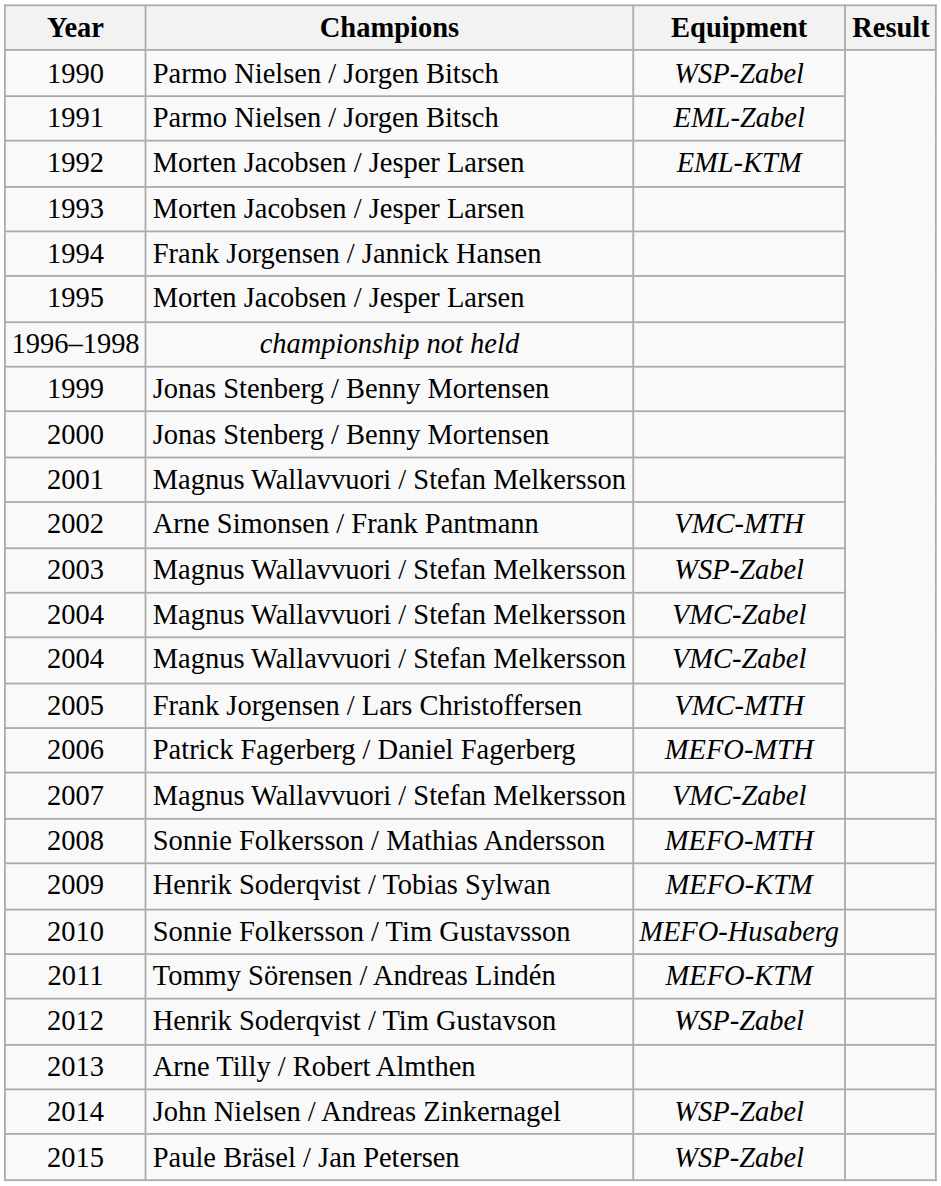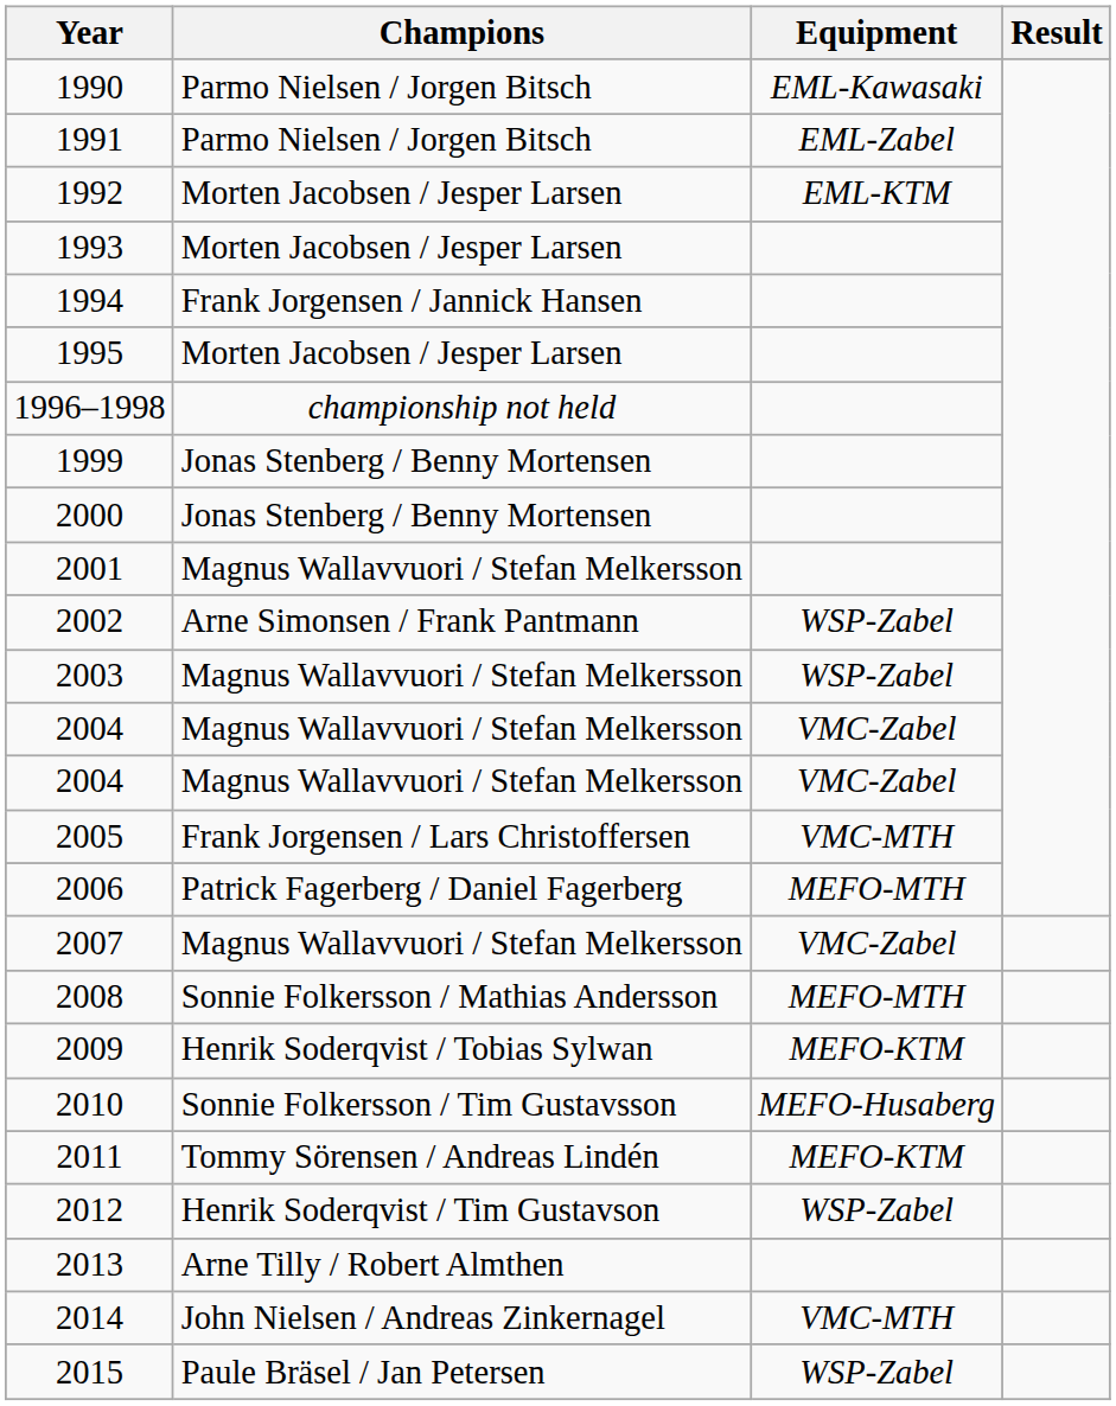 <table class="wikitable" style="display:inline-table;">
 <tr>
 <th>Year</th>
 <th>Champions</th>
 <th>Equipment</th>
 <th>Result</th>
 </tr>
 <tr align="center">
 <td>1990</td>
 <td align="left">Parmo Nielsen / Jorgen Bitsch</td>
-<td><em>WSP-Zabel</em></td>
+<td><em>EML-Kawasaki</em></td>
 <td rowspan=16></td>
 </tr>
 <tr align="center">
 <td>1991</td>
 <td align="left">Parmo Nielsen / Jorgen Bitsch</td>
 <td><em>EML-Zabel</em></td>
 </tr>
 <tr align="center">
 <td>1992</td>
 <td align="left">Morten Jacobsen / Jesper Larsen</td>
 <td><em>EML-KTM</em></td>
 </tr>
 <tr align="center">
 <td>1993</td>
 <td align="left">Morten Jacobsen / Jesper Larsen</td>
 <td></td>
 </tr>
 <tr align="center">
 <td>1994</td>
 <td align="left">Frank Jorgensen / Jannick Hansen</td>
 <td></td>
 </tr>
 <tr align="center">
 <td>1995</td>
 <td align="left">Morten Jacobsen / Jesper Larsen</td>
 <td></td>
 </tr>
 <tr align="center">
 <td>1996–1998</td>
 <td align="center"><em>championship not held</em></td>
 <td></td>
 </tr>
 <tr align="center">
 <td>1999</td>
 <td align="left">Jonas Stenberg / Benny Mortensen</td>
 <td></td>
 </tr>
 <tr align="center">
 <td>2000</td>
 <td align="left">Jonas Stenberg / Benny Mortensen</td>
 <td></td>
 </tr>
 <tr align="center">
 <td>2001</td>
 <td align="left">Magnus Wallavvuori / Stefan Melkersson</td>
 <td></td>
 </tr>
 <tr align="center">
 <td>2002</td>
 <td align="left">Arne Simonsen / Frank Pantmann</td>
-<td><em>VMC-MTH</em></td>
+<td><em>WSP-Zabel</em></td>
 </tr>
 <tr align="center">
 <td>2003</td>
 <td align="left">Magnus Wallavvuori / Stefan Melkersson</td>
 <td><em>WSP-Zabel</em></td>
 </tr>
 <tr align="center">
 <td>2004</td>
 <td align="left">Magnus Wallavvuori / Stefan Melkersson</td>
 <td><em>VMC-Zabel</em></td>
 </tr>
 <tr align="center">
 <td>2004</td>
 <td align="left">Magnus Wallavvuori / Stefan Melkersson</td>
 <td><em>VMC-Zabel</em></td>
 </tr>
 <tr align="center">
 <td>2005</td>
 <td align="left">Frank Jorgensen / Lars Christoffersen</td>
 <td><em>VMC-MTH</em></td>
 </tr>
 <tr align="center">
 <td>2006</td>
 <td align="left">Patrick Fagerberg / Daniel Fagerberg</td>
 <td><em>MEFO-MTH</em></td>
 </tr>
 <tr align="center">
 <td>2007</td>
 <td align="left">Magnus Wallavvuori / Stefan Melkersson</td>
 <td><em>VMC-Zabel</em></td>
 <td></td>
 </tr>
 <tr align="center">
 <td>2008</td>
 <td align="left">Sonnie Folkersson / Mathias Andersson</td>
 <td><em>MEFO-MTH</em></td>
 <td></td>
 </tr>
 <tr align="center">
 <td>2009</td>
 <td align="left">Henrik Soderqvist / Tobias Sylwan</td>
 <td><em>MEFO-KTM</em></td>
 <td></td>
 </tr>
 <tr align="center">
 <td>2010</td>
 <td align="left">Sonnie Folkersson / Tim Gustavsson</td>
 <td><em>MEFO-Husaberg</em></td>
 <td></td>
 </tr>
 <tr align="center">
 <td>2011</td>
 <td align="left">Tommy Sörensen / Andreas Lindén</td>
 <td><em>MEFO-KTM</em></td>
 <td></td>
 </tr>
 <tr align="center">
 <td>2012</td>
 <td align="left">Henrik Soderqvist / Tim Gustavson</td>
 <td><em>WSP-Zabel</em></td>
 <td></td>
 </tr>
 <tr align="center">
 <td>2013</td>
 <td align="left">Arne Tilly / Robert Almthen</td>
 <td></td>
 <td></td>
 </tr>
 <tr align="center">
 <td>2014</td>
 <td align="left">John Nielsen / Andreas Zinkernagel</td>
-<td><em>WSP-Zabel</em></td>
+<td><em>VMC-MTH</em></td>
 <td></td>
 </tr>
 <tr align="center">
 <td>2015</td>
 <td align="left">Paule Bräsel / Jan Petersen</td>
 <td><em>WSP-Zabel</em></td>
 <td></td>
 </tr>
 </table>
